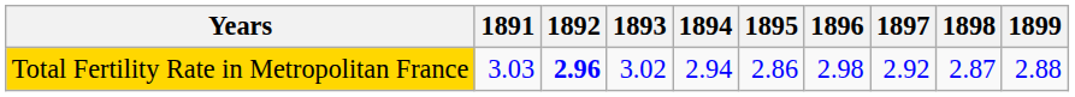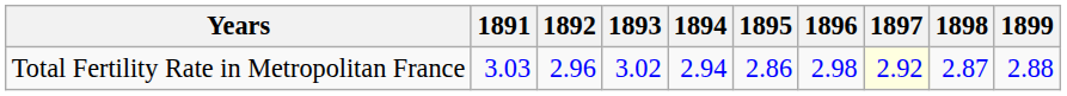 <table class="wikitable " style="text-align:right">
 <tr>
 <th>Years</th>
 <th>1891</th>
 <th>1892</th>
 <th>1893</th>
 <th>1894</th>
 <th>1895</th>
 <th>1896</th>
 <th>1897</th>
 <th>1898</th>
 <th>1899</th>
 </tr>
 <tr>
-<td style="background: gold; text-align:left;">Total Fertility Rate in Metropolitan France</td>
+<td style="text-align:left;">Total Fertility Rate in Metropolitan France</td>
 <td style="text-align:right; color:blue;">3.03</td>
-<td style="text-align:right; color:blue;"><strong>2.96</strong></td>
+<td style="text-align:right; color:blue;">2.96</td>
 <td style="text-align:right; color:blue;">3.02</td>
 <td style="text-align:right; color:blue;">2.94</td>
 <td style="text-align:right; color:blue;">2.86</td>
 <td style="text-align:right; color:blue;">2.98</td>
-<td style="text-align:right; color:blue;">2.92</td>
+<td style="background: lightyellow; text-align:right; color:blue;">2.92</td>
 <td style="text-align:right; color:blue;">2.87</td>
 <td style="text-align:right; color:blue;">2.88</td>
 </tr>
 </table>
